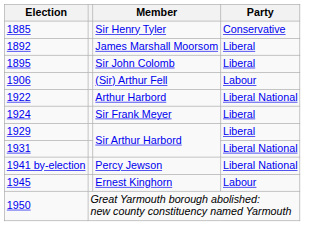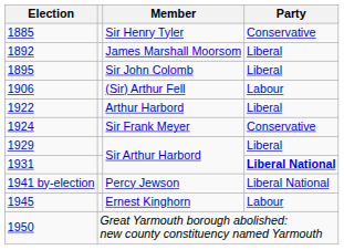 <table class="wikitable">
 <tr>
 <th>Election</th>
 <th></th>
 <th>Member</th>
 <th>Party</th>
 </tr>
 <tr>
 <td><a href='#'>1885</a></td>
 <td style="color:inherit;background-color: "></td>
 <td><a href='#'>Sir Henry Tyler</a></td>
 <td><a href='#'>Conservative</a></td>
 </tr>
 <tr>
 <td><a href='#'>1892</a></td>
 <td style="color:inherit;background-color: "></td>
 <td><a href='#'>James Marshall Moorsom</a></td>
 <td><a href='#'>Liberal</a></td>
 </tr>
 <tr>
 <td><a href='#'>1895</a></td>
 <td style="color:inherit;background-color: "></td>
 <td><a href='#'>Sir John Colomb</a></td>
 <td><a href='#'>Liberal</a></td>
 </tr>
 <tr>
 <td><a href='#'>1906</a></td>
 <td style="color:inherit;background-color: "></td>
 <td><a href='#'>(Sir) Arthur Fell</a></td>
 <td><a href='#'>Labour</a></td>
 </tr>
 <tr>
 <td><a href='#'>1922</a></td>
 <td style="color:inherit;background-color: "></td>
 <td><a href='#'>Arthur Harbord</a></td>
-<td><a href='#'>Liberal National</a></td>
+<td><a href='#'>Liberal</a></td>
 </tr>
 <tr>
 <td><a href='#'>1924</a></td>
 <td style="color:inherit;background-color: "></td>
 <td><a href='#'>Sir Frank Meyer</a></td>
-<td><a href='#'>Liberal</a></td>
+<td><a href='#'>Conservative</a></td>
 </tr>
 <tr>
 <td><a href='#'>1929</a></td>
 <td style="color:inherit;background-color: "></td>
 <td rowspan="2"><a href='#'>Sir Arthur Harbord</a></td>
 <td><a href='#'>Liberal</a></td>
 </tr>
 <tr>
 <td><a href='#'>1931</a></td>
 <td style="color:inherit;background-color: "></td>
-<td><a href='#'>Liberal National</a></td>
+<td><strong><a href='#'>Liberal National</a></strong></td>
 </tr>
 <tr>
 <td><a href='#'>1941 by-election</a></td>
 <td style="color:inherit;background-color: "></td>
 <td><a href='#'>Percy Jewson</a></td>
 <td><a href='#'>Liberal National</a></td>
 </tr>
 <tr>
 <td><a href='#'>1945</a></td>
 <td style="color:inherit;background-color: "></td>
 <td><a href='#'>Ernest Kinghorn</a></td>
 <td><a href='#'>Labour</a></td>
 </tr>
 <tr>
 <td><a href='#'>1950</a></td>
 <td colspan="3"><em>Great Yarmouth borough abolished:<br>new county constituency named Yarmouth</em></td>
 </tr>
 </table>
